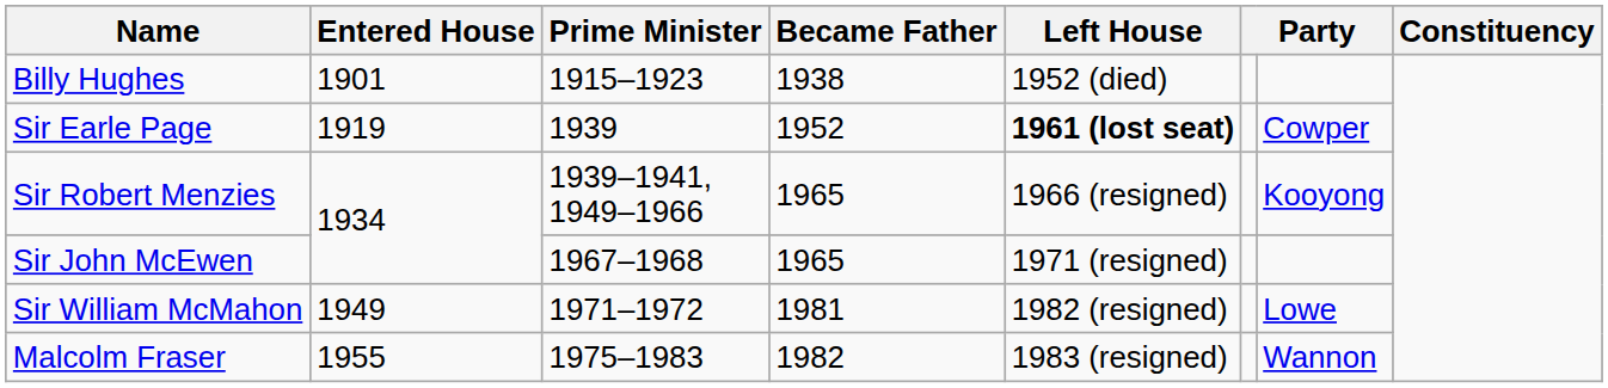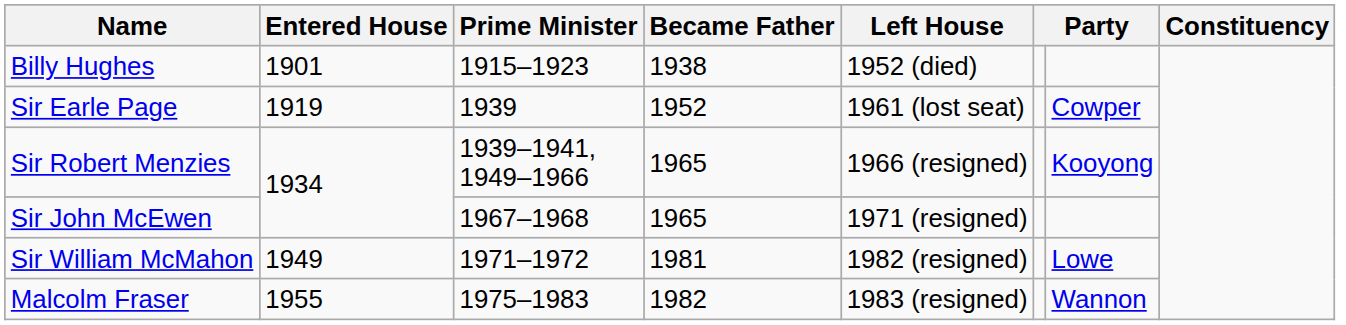 <table class="wikitable" style=font-size:95%>
 <tr>
 <th>Name</th>
 <th>Entered House</th>
 <th>Prime Minister</th>
 <th>Became Father</th>
 <th>Left House</th>
 <th colspan=2>Party</th>
 <th>Constituency</th>
 </tr>
 <tr>
 <td><a href='#'>Billy Hughes</a></td>
 <td>1901</td>
 <td>1915–1923</td>
 <td>1938</td>
 <td>1952 (died)</td>
 <td></td>
 <td></td>
 </tr>
 <tr>
 <td><a href='#'>Sir Earle Page</a></td>
 <td>1919</td>
 <td>1939</td>
 <td>1952</td>
-<td><strong>1961 (lost seat)</strong></td>
+<td>1961 (lost seat)</td>
 <td></td>
 <td><a href='#'>Cowper</a></td>
 </tr>
 <tr>
 <td><a href='#'>Sir Robert Menzies</a></td>
 <td rowspan="2">1934</td>
 <td>1939–1941,<br>1949–1966</td>
 <td>1965</td>
 <td>1966 (resigned)</td>
 <td></td>
 <td><a href='#'>Kooyong</a></td>
 </tr>
 <tr>
 <td><a href='#'>Sir John McEwen</a></td>
 <td>1967–1968</td>
 <td>1965</td>
 <td>1971 (resigned)</td>
 <td></td>
 <td></td>
 </tr>
 <tr>
 <td><a href='#'>Sir William McMahon</a></td>
 <td>1949</td>
 <td>1971–1972</td>
 <td>1981</td>
 <td>1982 (resigned)</td>
 <td></td>
 <td><a href='#'>Lowe</a></td>
 </tr>
 <tr>
 <td><a href='#'>Malcolm Fraser</a></td>
 <td>1955</td>
 <td>1975–1983</td>
 <td>1982</td>
 <td>1983 (resigned)</td>
 <td></td>
 <td><a href='#'>Wannon</a></td>
 </tr>
 </table>
